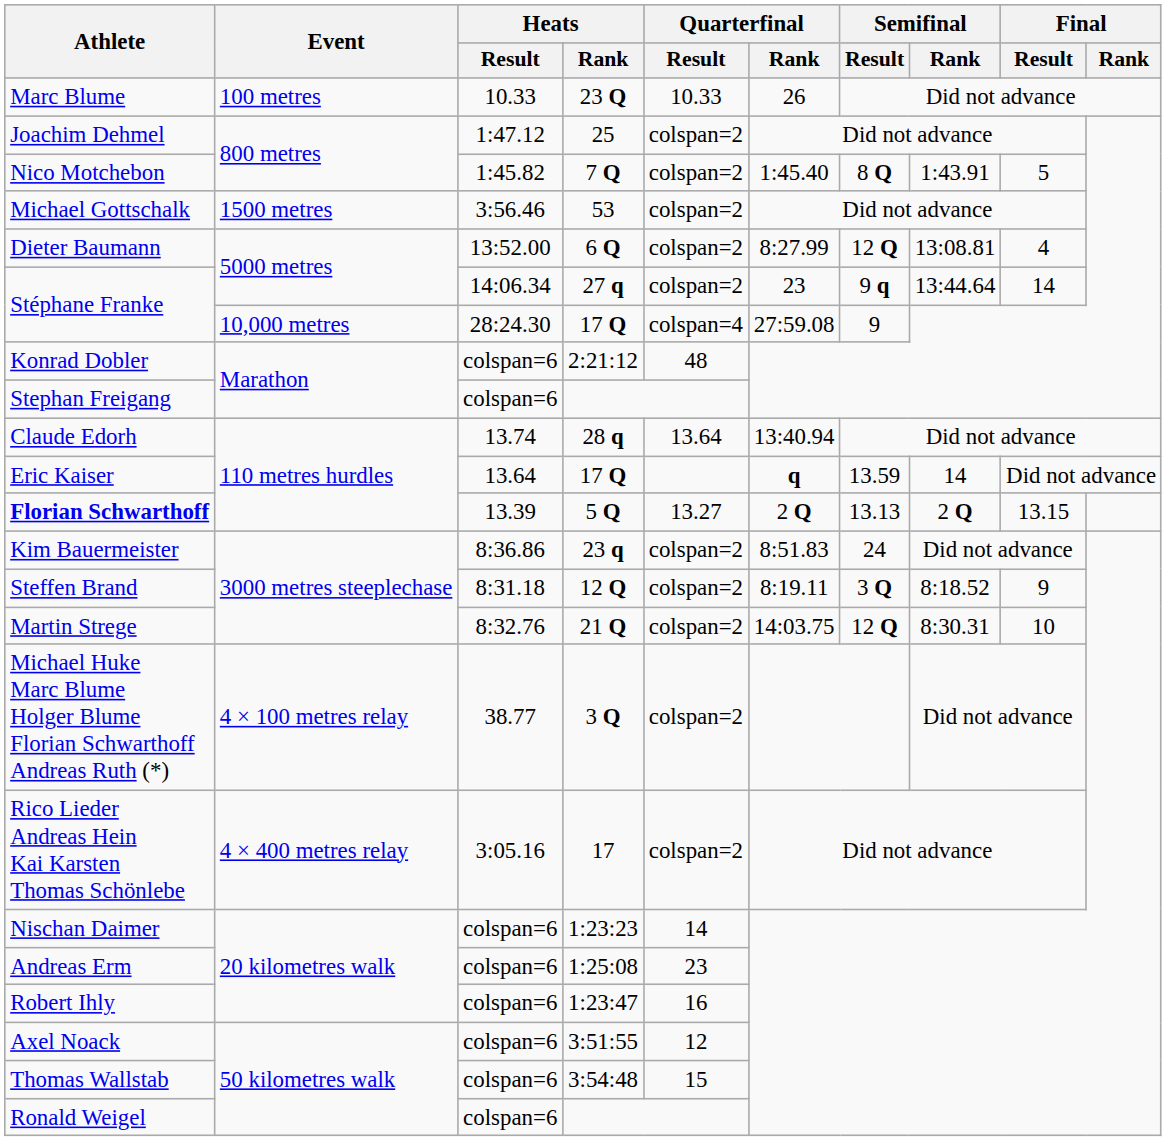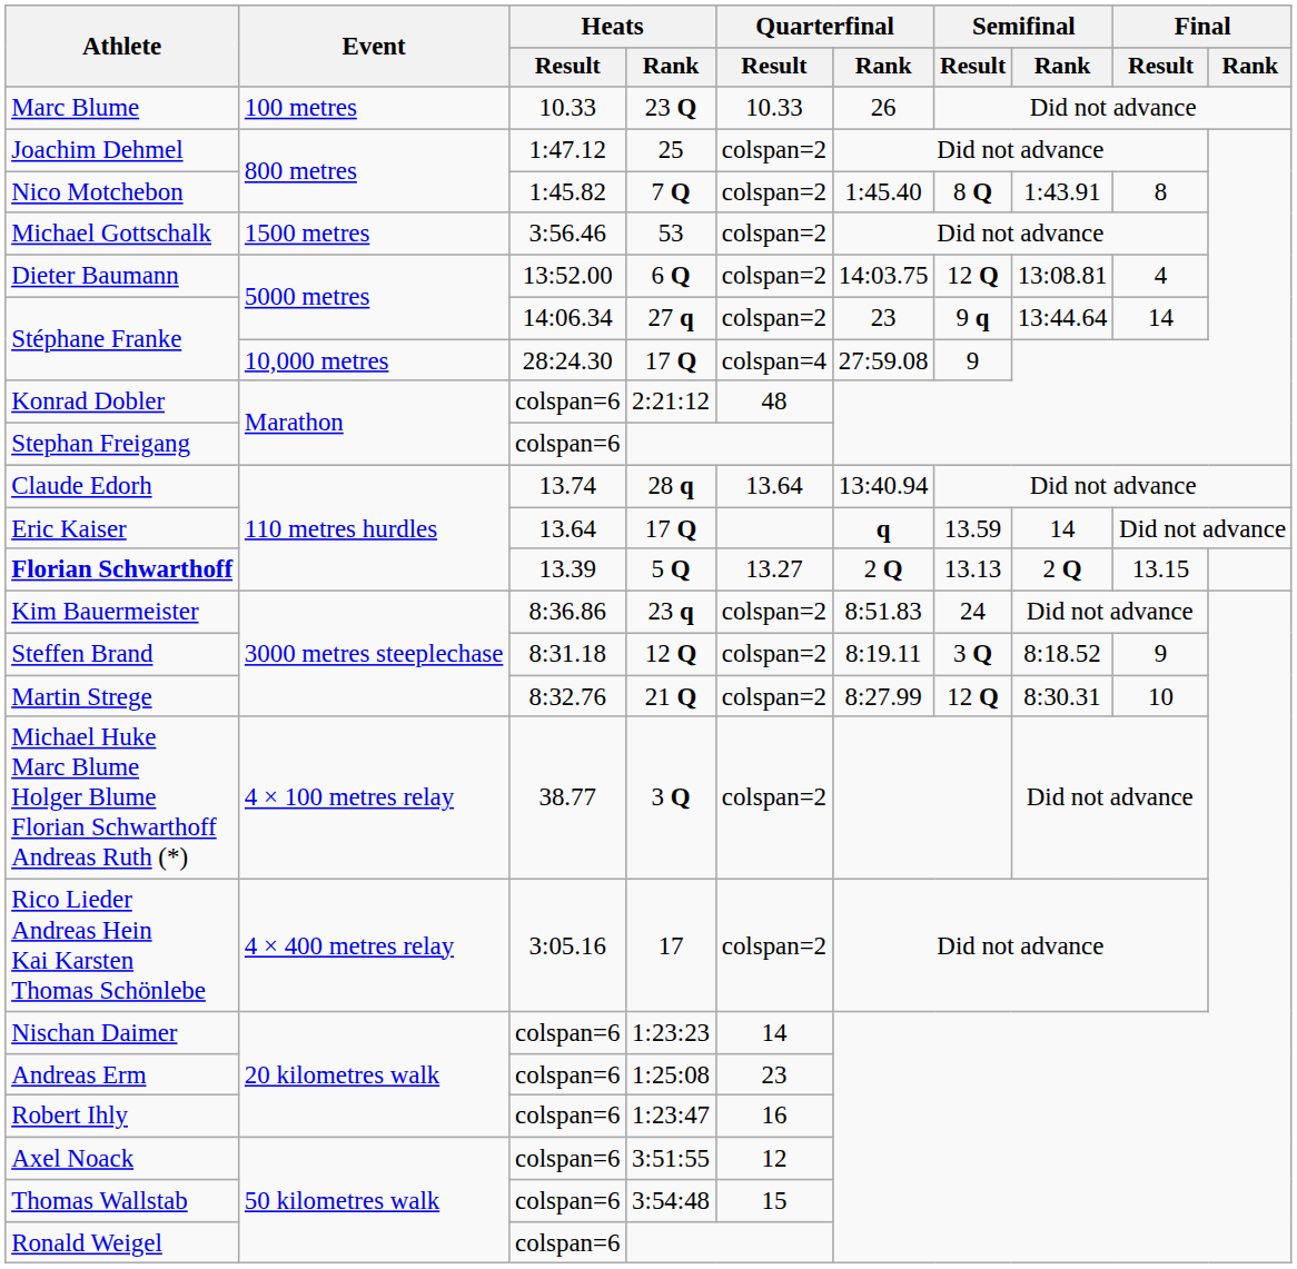 <table class="wikitable" style="font-size:90%">
 <tr>
 <th rowspan="2">Athlete</th>
 <th rowspan="2">Event</th>
 <th colspan="2">Heats</th>
 <th colspan="2">Quarterfinal</th>
 <th colspan="2">Semifinal</th>
 <th colspan="2">Final</th>
 </tr>
 <tr style="font-size:95%">
 <th>Result</th>
 <th>Rank</th>
 <th>Result</th>
 <th>Rank</th>
 <th>Result</th>
 <th>Rank</th>
 <th>Result</th>
 <th>Rank</th>
 </tr>
 <tr align=center>
 <td align=left><a href='#'>Marc Blume</a></td>
 <td align=left><a href='#'>100 metres</a></td>
 <td>10.33</td>
 <td>23 <strong>Q</strong></td>
 <td>10.33</td>
 <td>26</td>
 <td colspan=4>Did not advance</td>
 </tr>
 <tr align=center>
 <td align=left><a href='#'>Joachim Dehmel</a></td>
 <td align=left rowspan=2><a href='#'>800 metres</a></td>
 <td>1:47.12</td>
 <td>25</td>
 <td>colspan=2</td>
 <td colspan=4>Did not advance</td>
 </tr>
 <tr align=center>
 <td align=left><a href='#'>Nico Motchebon</a></td>
 <td>1:45.82</td>
 <td>7 <strong>Q</strong></td>
 <td>colspan=2</td>
 <td>1:45.40</td>
 <td>8 <strong>Q</strong></td>
 <td>1:43.91</td>
-<td>5</td>
+<td>8</td>
 </tr>
 <tr align=center>
 <td align=left><a href='#'>Michael Gottschalk</a></td>
 <td align=left><a href='#'>1500 metres</a></td>
 <td>3:56.46</td>
 <td>53</td>
 <td>colspan=2</td>
 <td colspan=4>Did not advance</td>
 </tr>
 <tr align=center>
 <td align=left><a href='#'>Dieter Baumann</a></td>
 <td align=left rowspan=2><a href='#'>5000 metres</a></td>
 <td>13:52.00</td>
 <td>6 <strong>Q</strong></td>
 <td>colspan=2</td>
-<td>8:27.99</td>
+<td>14:03.75</td>
 <td>12 <strong>Q</strong></td>
 <td>13:08.81</td>
 <td>4</td>
 </tr>
 <tr align=center>
 <td align=left rowspan=2><a href='#'>Stéphane Franke</a></td>
 <td>14:06.34</td>
 <td>27 <strong>q</strong></td>
 <td>colspan=2</td>
 <td>23</td>
 <td>9 <strong>q</strong></td>
 <td>13:44.64</td>
 <td>14</td>
 </tr>
 <tr align=center>
 <td align=left><a href='#'>10,000 metres</a></td>
 <td>28:24.30</td>
 <td>17 <strong>Q</strong></td>
 <td>colspan=4</td>
 <td>27:59.08</td>
 <td>9</td>
 </tr>
 <tr align=center>
 <td align=left><a href='#'>Konrad Dobler</a></td>
 <td align=left rowspan=2><a href='#'>Marathon</a></td>
 <td>colspan=6</td>
 <td>2:21:12</td>
 <td>48</td>
 </tr>
 <tr align=center>
 <td align=left><a href='#'>Stephan Freigang</a></td>
 <td>colspan=6</td>
 <td colspan=2></td>
 </tr>
 <tr align=center>
 <td align=left><a href='#'>Claude Edorh</a></td>
 <td align=left rowspan=3><a href='#'>110 metres hurdles</a></td>
 <td>13.74</td>
 <td>28 <strong>q</strong></td>
 <td>13.64</td>
 <td>13:40.94</td>
 <td colspan=4>Did not advance</td>
 </tr>
 <tr align=center>
 <td align=left><a href='#'>Eric Kaiser</a></td>
 <td>13.64</td>
 <td>17 <strong>Q</strong></td>
 <td></td>
 <td><strong>q</strong></td>
 <td>13.59</td>
 <td>14</td>
 <td colspan=2>Did not advance</td>
 </tr>
 <tr align=center>
 <td align=left><strong><a href='#'>Florian Schwarthoff</a></strong></td>
 <td>13.39</td>
 <td>5 <strong>Q</strong></td>
 <td>13.27</td>
 <td>2 <strong>Q</strong></td>
 <td>13.13</td>
 <td>2 <strong>Q</strong></td>
 <td>13.15</td>
 <td></td>
 </tr>
 <tr align=center>
 <td align=left><a href='#'>Kim Bauermeister</a></td>
 <td align=left rowspan=3><a href='#'>3000 metres steeplechase</a></td>
 <td>8:36.86</td>
 <td>23 <strong>q</strong></td>
 <td>colspan=2</td>
 <td>8:51.83</td>
 <td>24</td>
 <td colspan=2>Did not advance</td>
 </tr>
 <tr align=center>
 <td align=left><a href='#'>Steffen Brand</a></td>
 <td>8:31.18</td>
 <td>12 <strong>Q</strong></td>
 <td>colspan=2</td>
 <td>8:19.11</td>
 <td>3 <strong>Q</strong></td>
 <td>8:18.52</td>
 <td>9</td>
 </tr>
 <tr align=center>
 <td align=left><a href='#'>Martin Strege</a></td>
 <td>8:32.76</td>
 <td>21 <strong>Q</strong></td>
 <td>colspan=2</td>
-<td>14:03.75</td>
+<td>8:27.99</td>
 <td>12 <strong>Q</strong></td>
 <td>8:30.31</td>
 <td>10</td>
 </tr>
 <tr align=center>
 <td align=left><a href='#'>Michael Huke</a><br><a href='#'>Marc Blume</a><br><a href='#'>Holger Blume</a><br><a href='#'>Florian Schwarthoff</a><br><a href='#'>Andreas Ruth</a> (*)</td>
 <td align=left><a href='#'>4 × 100 metres relay</a></td>
 <td>38.77</td>
 <td>3 <strong>Q</strong></td>
 <td>colspan=2</td>
 <td colspan=2></td>
 <td colspan=2>Did not advance</td>
 </tr>
 <tr align=center>
 <td align=left><a href='#'>Rico Lieder</a><br><a href='#'>Andreas Hein</a><br><a href='#'>Kai Karsten</a><br><a href='#'>Thomas Schönlebe</a></td>
 <td align=left><a href='#'>4 × 400 metres relay</a></td>
 <td>3:05.16</td>
 <td>17</td>
 <td>colspan=2</td>
 <td colspan=4>Did not advance</td>
 </tr>
 <tr align=center>
 <td align=left><a href='#'>Nischan Daimer</a></td>
 <td align=left rowspan=3><a href='#'>20 kilometres walk</a></td>
 <td>colspan=6</td>
 <td>1:23:23</td>
 <td>14</td>
 </tr>
 <tr align=center>
 <td align=left><a href='#'>Andreas Erm</a></td>
 <td>colspan=6</td>
 <td>1:25:08</td>
 <td>23</td>
 </tr>
 <tr align=center>
 <td align=left><a href='#'>Robert Ihly</a></td>
 <td>colspan=6</td>
 <td>1:23:47</td>
 <td>16</td>
 </tr>
 <tr align=center>
 <td align=left><a href='#'>Axel Noack</a></td>
 <td align=left rowspan=3><a href='#'>50 kilometres walk</a></td>
 <td>colspan=6</td>
 <td>3:51:55</td>
 <td>12</td>
 </tr>
 <tr align=center>
 <td align=left><a href='#'>Thomas Wallstab</a></td>
 <td>colspan=6</td>
 <td>3:54:48</td>
 <td>15</td>
 </tr>
 <tr align=center>
 <td align=left><a href='#'>Ronald Weigel</a></td>
 <td>colspan=6</td>
 <td colspan=2></td>
 </tr>
 </table>
